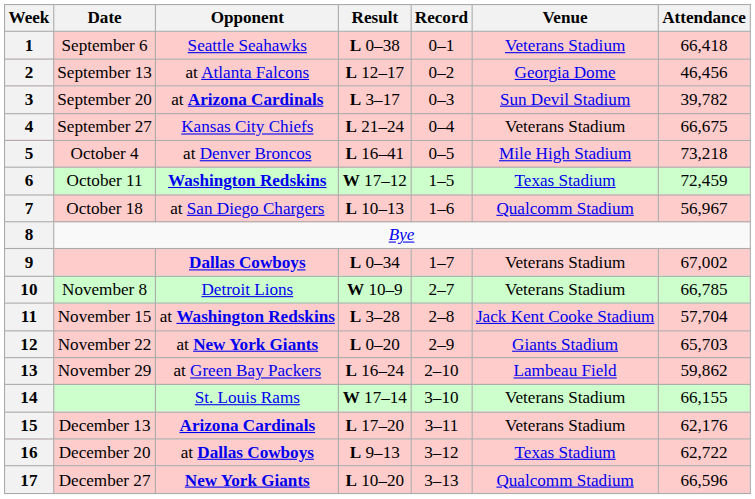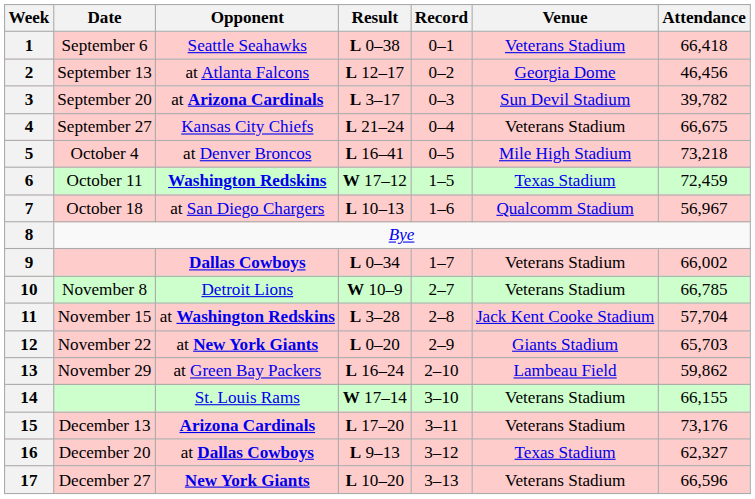 <table class="wikitable" style="text-align:center">
 <tr>
 <th>Week</th>
 <th>Date</th>
 <th>Opponent</th>
 <th>Result</th>
 <th>Record</th>
 <th>Venue</th>
 <th>Attendance</th>
 </tr>
 <tr style="background:#fcc">
 <th>1</th>
 <td>September 6</td>
 <td><a href='#'>Seattle Seahawks</a></td>
 <td><strong>L</strong> 0–38</td>
 <td>0–1</td>
 <td><a href='#'>Veterans Stadium</a></td>
 <td>66,418</td>
 </tr>
 <tr style="background:#fcc">
 <th>2</th>
 <td>September 13</td>
 <td>at <a href='#'>Atlanta Falcons</a></td>
 <td><strong>L</strong> 12–17</td>
 <td>0–2</td>
 <td><a href='#'>Georgia Dome</a></td>
 <td>46,456</td>
 </tr>
 <tr style="background:#fcc">
 <th>3</th>
 <td>September 20</td>
 <td>at <strong><a href='#'>Arizona Cardinals</a></strong></td>
 <td><strong>L</strong> 3–17</td>
 <td>0–3</td>
 <td><a href='#'>Sun Devil Stadium</a></td>
 <td>39,782</td>
 </tr>
 <tr style="background:#fcc">
 <th>4</th>
 <td>September 27</td>
 <td><a href='#'>Kansas City Chiefs</a></td>
 <td><strong>L</strong> 21–24</td>
 <td>0–4</td>
 <td>Veterans Stadium</td>
 <td>66,675</td>
 </tr>
 <tr style="background:#fcc">
 <th>5</th>
 <td>October 4</td>
 <td>at <a href='#'>Denver Broncos</a></td>
 <td><strong>L</strong> 16–41</td>
 <td>0–5</td>
 <td><a href='#'>Mile High Stadium</a></td>
 <td>73,218</td>
 </tr>
 <tr style="background:#cfc">
 <th>6</th>
 <td>October 11</td>
 <td><strong><a href='#'>Washington Redskins</a></strong></td>
 <td><strong>W</strong> 17–12</td>
 <td>1–5</td>
 <td><a href='#'>Texas Stadium</a></td>
 <td>72,459</td>
 </tr>
 <tr style="background:#fcc">
 <th>7</th>
 <td>October 18</td>
 <td>at <a href='#'>San Diego Chargers</a></td>
 <td><strong>L</strong> 10–13</td>
 <td>1–6</td>
 <td><a href='#'>Qualcomm Stadium</a></td>
 <td>56,967</td>
 </tr>
 <tr>
 <th>8</th>
 <td colspan="6" style="text-align:center;"><em><a href='#'>Bye</a></em></td>
 </tr>
 <tr style="background:#fcc">
 <th>9</th>
 <td></td>
 <td><strong><a href='#'>Dallas Cowboys</a></strong></td>
 <td><strong>L</strong> 0–34</td>
 <td>1–7</td>
 <td>Veterans Stadium</td>
-<td>67,002</td>
+<td>66,002</td>
 </tr>
 <tr style="background:#cfc">
 <th>10</th>
 <td>November 8</td>
 <td><a href='#'>Detroit Lions</a></td>
 <td><strong>W</strong> 10–9</td>
 <td>2–7</td>
 <td>Veterans Stadium</td>
 <td>66,785</td>
 </tr>
 <tr style="background:#fcc">
 <th>11</th>
 <td>November 15</td>
 <td>at <strong><a href='#'>Washington Redskins</a></strong></td>
 <td><strong>L</strong> 3–28</td>
 <td>2–8</td>
 <td><a href='#'>Jack Kent Cooke Stadium</a></td>
 <td>57,704</td>
 </tr>
 <tr style="background:#fcc">
 <th>12</th>
 <td>November 22</td>
 <td>at <strong><a href='#'>New York Giants</a></strong></td>
 <td><strong>L</strong> 0–20</td>
 <td>2–9</td>
 <td><a href='#'>Giants Stadium</a></td>
 <td>65,703</td>
 </tr>
 <tr style="background:#fcc">
 <th>13</th>
 <td>November 29</td>
 <td>at <a href='#'>Green Bay Packers</a></td>
 <td><strong>L</strong> 16–24</td>
 <td>2–10</td>
 <td><a href='#'>Lambeau Field</a></td>
 <td>59,862</td>
 </tr>
 <tr style="background:#cfc">
 <th>14</th>
 <td></td>
 <td><a href='#'>St. Louis Rams</a></td>
 <td><strong>W</strong> 17–14</td>
 <td>3–10</td>
 <td>Veterans Stadium</td>
 <td>66,155</td>
 </tr>
 <tr style="background:#fcc">
 <th>15</th>
 <td>December 13</td>
 <td><strong><a href='#'>Arizona Cardinals</a></strong></td>
 <td><strong>L</strong> 17–20 </td>
 <td>3–11</td>
 <td>Veterans Stadium</td>
-<td>62,176</td>
+<td>73,176</td>
 </tr>
 <tr style="background:#fcc">
 <th>16</th>
 <td>December 20</td>
 <td>at <strong><a href='#'>Dallas Cowboys</a></strong></td>
 <td><strong>L</strong> 9–13</td>
 <td>3–12</td>
 <td><a href='#'>Texas Stadium</a></td>
-<td>62,722</td>
+<td>62,327</td>
 </tr>
 <tr style="background:#fcc">
 <th>17</th>
 <td>December 27</td>
 <td><strong><a href='#'>New York Giants</a></strong></td>
 <td><strong>L</strong> 10–20</td>
 <td>3–13</td>
-<td><a href='#'>Qualcomm Stadium</a></td>
+<td>Veterans Stadium</td>
 <td>66,596</td>
 </tr>
 </table>
